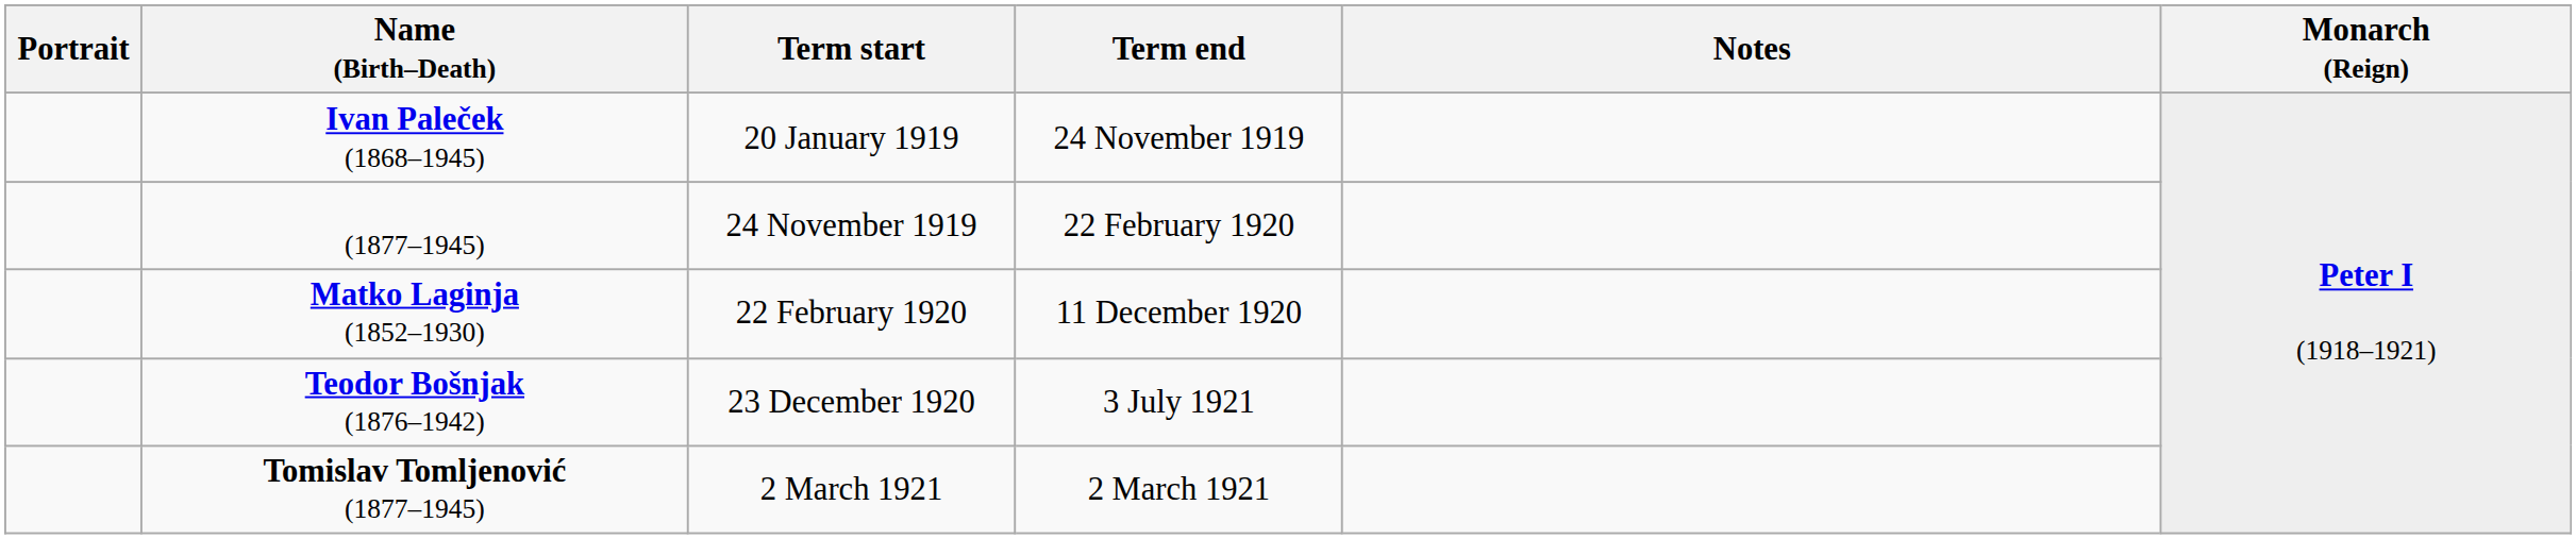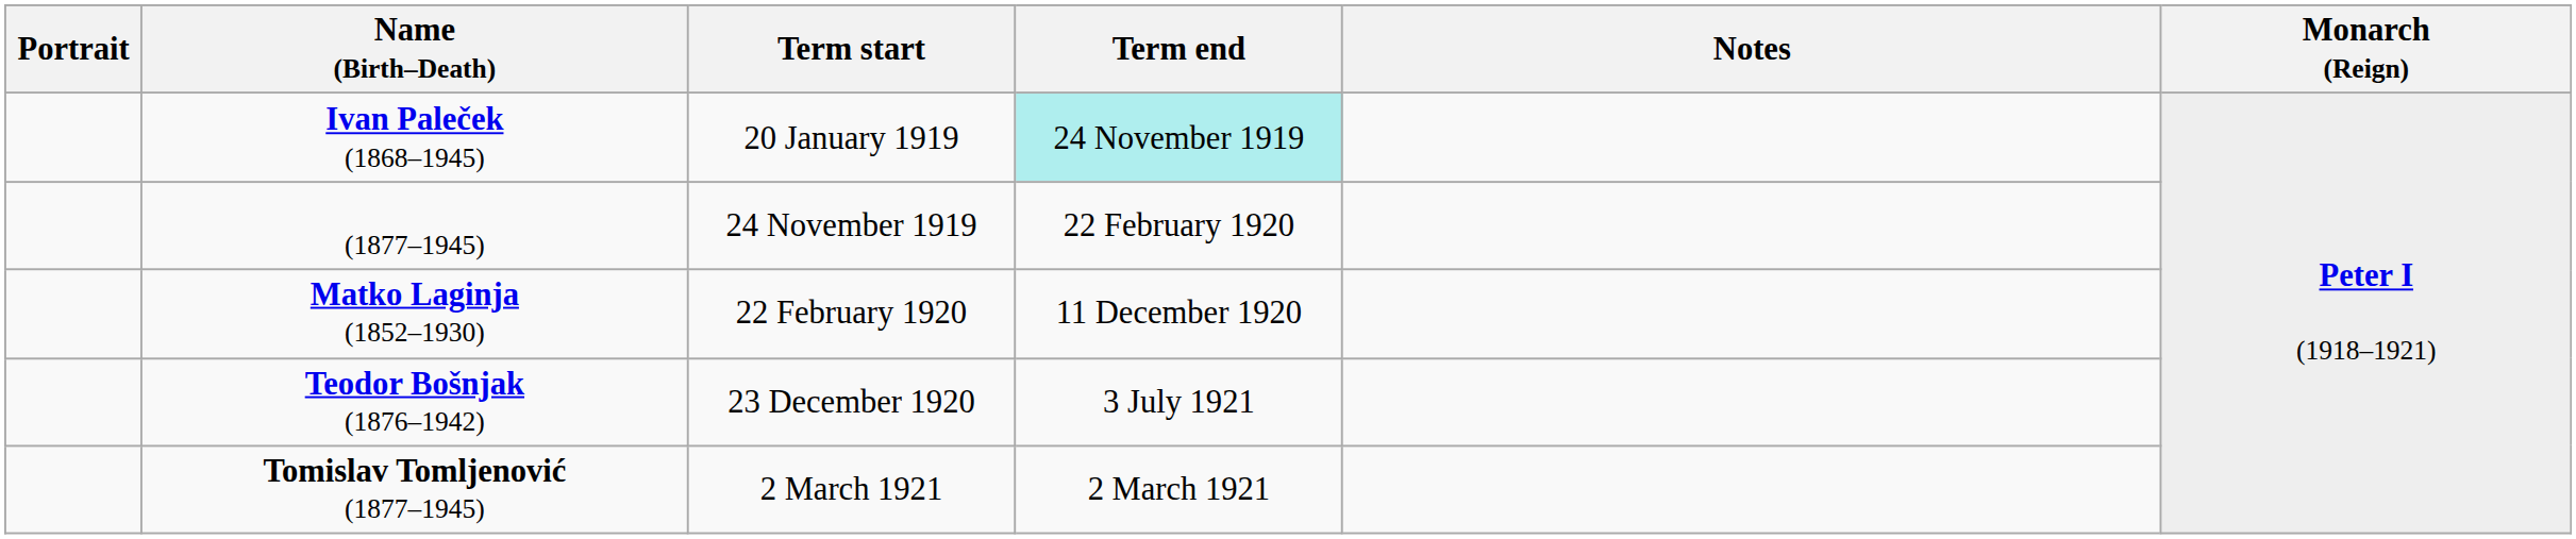 <table class="wikitable" style="text-align:center" width=100%>
 <tr>
 <th width=5%>Portrait</th>
 <th width=20%>Name<small><br>(Birth–Death)</small></th>
 <th width=12%>Term start</th>
 <th width=12%>Term end</th>
 <th width=30%>Notes</th>
 <th width=15%>Monarch<br><small>(Reign)</small></th>
 </tr>
 <tr>
 <td></td>
 <td><strong><a href='#'>Ivan Paleček</a></strong><br><small>(1868–1945)</small></td>
 <td>20 January 1919</td>
-<td>24 November 1919</td>
+<td style="background: paleturquoise;">24 November 1919</td>
 <td></td>
 <td rowspan="5" bgcolor="#EEEEEE"><strong><a href='#'>Peter I</a></strong><br><br><small>(1918–1921)</small></td>
 </tr>
 <tr>
 <td></td>
 <td><strong></strong><br><small>(1877–1945)</small></td>
 <td>24 November 1919</td>
 <td>22 February 1920</td>
 <td></td>
 </tr>
 <tr>
 <td></td>
 <td><strong><a href='#'>Matko Laginja</a></strong><br><small>(1852–1930)</small></td>
 <td>22 February 1920</td>
 <td>11 December 1920</td>
 <td></td>
 </tr>
 <tr>
 <td></td>
 <td><strong><a href='#'>Teodor Bošnjak</a></strong><br><small>(1876–1942)</small></td>
 <td>23 December 1920</td>
 <td>3 July 1921</td>
 <td></td>
 </tr>
 <tr>
 <td></td>
 <td><strong>Tomislav Tomljenović</strong><br><small>(1877–1945)</small></td>
 <td>2 March 1921</td>
 <td>2 March 1921</td>
 <td></td>
 </tr>
 </table>
